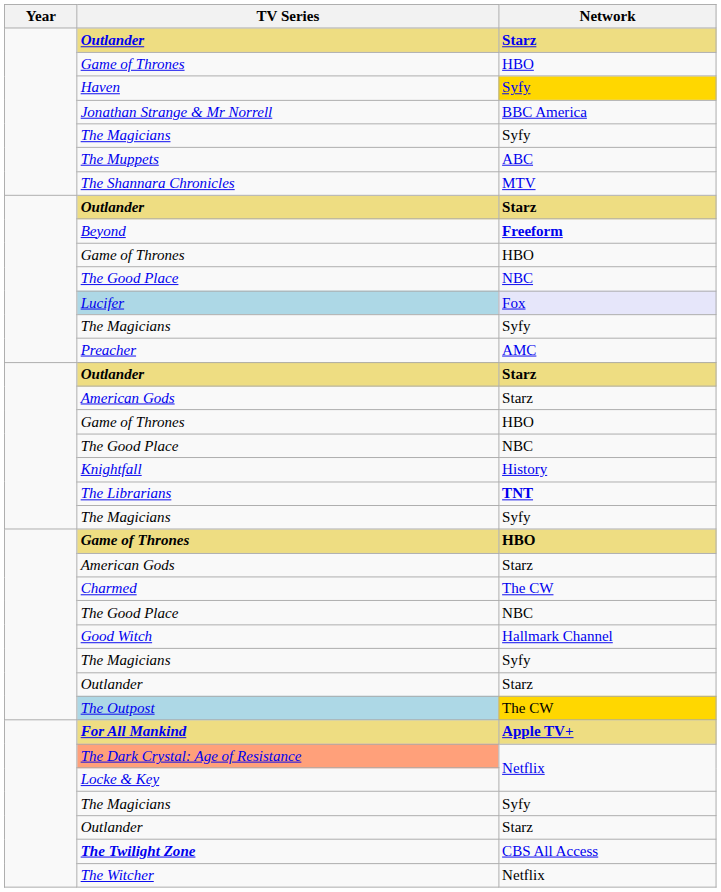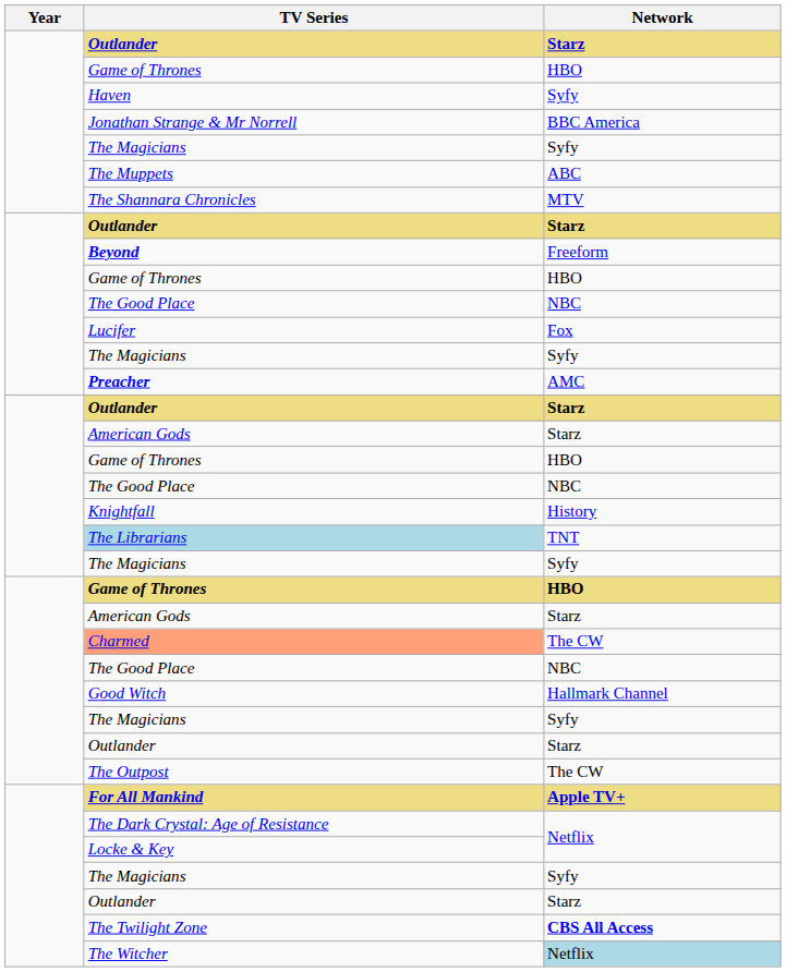 <table class="wikitable" width="60%" align="centre">
 <tr>
 <th width="70px">Year</th>
 <th>TV Series</th>
 <th>Network</th>
 </tr>
 <tr>
 <td rowspan="7"></td>
 <td style="background:#EEDD82"><strong><em><a href='#'>Outlander</a></em></strong></td>
 <td style="background:#EEDD82"><strong><a href='#'>Starz</a></strong></td>
 </tr>
 <tr>
 <td><em><a href='#'>Game of Thrones</a></em></td>
 <td><a href='#'>HBO</a></td>
 </tr>
 <tr>
 <td><em><a href='#'>Haven</a></em></td>
-<td style="background: gold;"><a href='#'>Syfy</a></td>
+<td><a href='#'>Syfy</a></td>
 </tr>
 <tr>
 <td><em><a href='#'>Jonathan Strange & Mr Norrell</a></em></td>
 <td><a href='#'>BBC America</a></td>
 </tr>
 <tr>
 <td><em><a href='#'>The Magicians</a></em></td>
 <td>Syfy</td>
 </tr>
 <tr>
 <td><em><a href='#'>The Muppets</a></em></td>
 <td><a href='#'>ABC</a></td>
 </tr>
 <tr>
 <td><em><a href='#'>The Shannara Chronicles</a></em></td>
 <td><a href='#'>MTV</a></td>
 </tr>
 <tr>
 <td rowspan="7"></td>
 <td style="background:#EEDD82"><strong><em>Outlander</em></strong></td>
 <td style="background:#EEDD82"><strong>Starz</strong></td>
 </tr>
 <tr>
-<td><em><a href='#'>Beyond</a></em></td>
-<td><strong><a href='#'>Freeform</a></strong></td>
+<td><strong><em><a href='#'>Beyond</a></em></strong></td>
+<td><a href='#'>Freeform</a></td>
 </tr>
 <tr>
 <td><em>Game of Thrones</em></td>
 <td>HBO</td>
 </tr>
 <tr>
 <td><em><a href='#'>The Good Place</a></em></td>
 <td><a href='#'>NBC</a></td>
 </tr>
 <tr>
-<td style="background: lightblue;"><em><a href='#'>Lucifer</a></em></td>
-<td style="background: lavender;"><a href='#'>Fox</a></td>
+<td><em><a href='#'>Lucifer</a></em></td>
+<td><a href='#'>Fox</a></td>
 </tr>
 <tr>
 <td><em>The Magicians</em></td>
 <td>Syfy</td>
 </tr>
 <tr>
-<td><em><a href='#'>Preacher</a></em></td>
+<td><strong><em><a href='#'>Preacher</a></em></strong></td>
 <td><a href='#'>AMC</a></td>
 </tr>
 <tr>
 <td rowspan="7"></td>
 <td style="background:#EEDD82"><strong><em>Outlander</em></strong></td>
 <td style="background:#EEDD82"><strong>Starz</strong></td>
 </tr>
 <tr>
 <td><em><a href='#'>American Gods</a></em></td>
 <td>Starz</td>
 </tr>
 <tr>
 <td><em>Game of Thrones</em></td>
 <td>HBO</td>
 </tr>
 <tr>
 <td><em>The Good Place</em></td>
 <td>NBC</td>
 </tr>
 <tr>
 <td><em><a href='#'>Knightfall</a></em></td>
 <td><a href='#'>History</a></td>
 </tr>
 <tr>
-<td><em><a href='#'>The Librarians</a></em></td>
-<td><strong><a href='#'>TNT</a></strong></td>
+<td style="background: lightblue;"><em><a href='#'>The Librarians</a></em></td>
+<td><a href='#'>TNT</a></td>
 </tr>
 <tr>
 <td><em>The Magicians</em></td>
 <td>Syfy</td>
 </tr>
 <tr>
 <td rowspan="8"></td>
 <td style="background:#EEDD82"><strong><em>Game of Thrones</em></strong></td>
 <td style="background:#EEDD82"><strong>HBO</strong></td>
 </tr>
 <tr>
 <td><em>American Gods</em></td>
 <td>Starz</td>
 </tr>
 <tr>
-<td><em><a href='#'>Charmed</a></em></td>
+<td style="background: lightsalmon;"><em><a href='#'>Charmed</a></em></td>
 <td><a href='#'>The CW</a></td>
 </tr>
 <tr>
 <td><em>The Good Place</em></td>
 <td>NBC</td>
 </tr>
 <tr>
 <td><em><a href='#'>Good Witch</a></em></td>
 <td><a href='#'>Hallmark Channel</a></td>
 </tr>
 <tr>
 <td><em>The Magicians</em></td>
 <td>Syfy</td>
 </tr>
 <tr>
 <td><em>Outlander</em></td>
 <td>Starz</td>
 </tr>
 <tr>
-<td style="background: lightblue;"><em><a href='#'>The Outpost</a></em></td>
-<td style="background: gold;">The CW</td>
+<td><em><a href='#'>The Outpost</a></em></td>
+<td>The CW</td>
 </tr>
 <tr>
 <td rowspan="7"></td>
 <td style="background:#EEDD82"><strong><em><a href='#'>For All Mankind</a></em></strong></td>
 <td style="background:#EEDD82"><strong><a href='#'>Apple TV+</a></strong></td>
 </tr>
 <tr>
-<td style="background: lightsalmon;"><em><a href='#'>The Dark Crystal: Age of Resistance</a></em></td>
+<td><em><a href='#'>The Dark Crystal: Age of Resistance</a></em></td>
 <td rowspan="2"><a href='#'>Netflix</a></td>
 </tr>
 <tr>
 <td><em><a href='#'>Locke & Key</a></em></td>
 </tr>
 <tr>
 <td><em>The Magicians</em></td>
 <td>Syfy</td>
 </tr>
 <tr>
 <td><em>Outlander</em></td>
 <td>Starz</td>
 </tr>
 <tr>
-<td><strong><em><a href='#'>The Twilight Zone</a></em></strong></td>
-<td><a href='#'>CBS All Access</a></td>
+<td><em><a href='#'>The Twilight Zone</a></em></td>
+<td><strong><a href='#'>CBS All Access</a></strong></td>
 </tr>
 <tr>
 <td><em><a href='#'>The Witcher</a></em></td>
-<td>Netflix</td>
+<td style="background: lightblue;">Netflix</td>
 </tr>
 </table>
